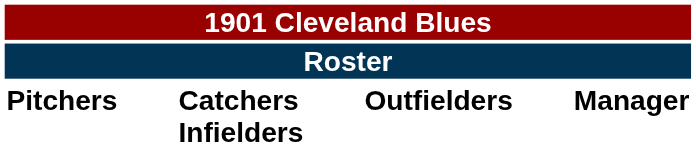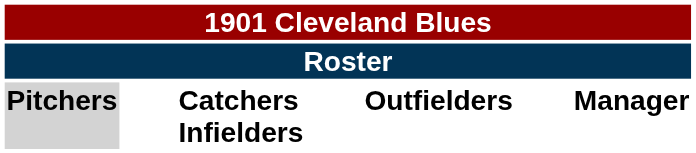 <table class="toccolours" style="font-size: 95%;">
 <tr>
 <th colspan="10" style="background-color: #990000; color: white; text-align: center;">1901 Cleveland Blues</th>
 </tr>
 <tr>
 <td colspan="10" style="background-color: #023456; color: white; text-align: center;"><strong>Roster</strong></td>
 </tr>
 <tr>
-<td valign="top"><strong>Pitchers</strong><br>          </td>
+<td valign="top" style="background: lightgrey;"><strong>Pitchers</strong><br>          </td>
 <td width="25px"></td>
 <td valign="top"><strong>Catchers</strong><br>    <strong>Infielders</strong>         </td>
 <td width="25px"></td>
 <td valign="top"><strong>Outfielders</strong><br>          </td>
 <td width="25px"></td>
 <td valign="top"><strong>Manager</strong><br></td>
 </tr>
 </table>
